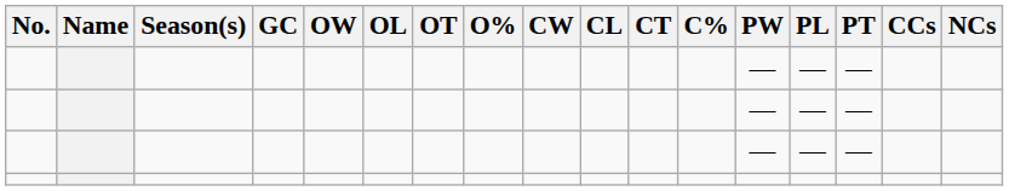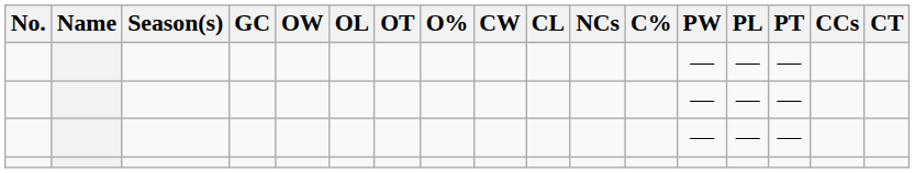 <table class="wikitable sortable" style="text-align:center;">
 <tr>
 <th scope="col" class="unsortable">No.</th>
 <th scope="col">Name</th>
 <th scope="col">Season(s)</th>
 <th scope="col">GC</th>
 <th scope="col">OW</th>
 <th scope="col">OL</th>
 <th scope="col">OT</th>
 <th scope="col">O%</th>
 <th scope="col">CW</th>
 <th scope="col">CL</th>
-<th scope="col">CT</th>
+<th scope="col">NCs</th>
 <th scope="col">C%</th>
 <th scope="col">PW</th>
 <th scope="col">PL</th>
 <th scope="col">PT</th>
 <th scope="col">CCs</th>
-<th scope="col">NCs</th>
+<th scope="col">CT</th>
 </tr>
 <tr>
 <td></td>
 <th scope="row"></th>
 <td></td>
 <td></td>
 <td></td>
 <td></td>
 <td></td>
 <td></td>
 <td></td>
 <td></td>
 <td></td>
 <td></td>
 <td>—</td>
 <td>—</td>
 <td>—</td>
 <td></td>
 <td></td>
 </tr>
 <tr>
 <td></td>
 <th scope="row"></th>
 <td></td>
 <td></td>
 <td></td>
 <td></td>
 <td></td>
 <td></td>
 <td></td>
 <td></td>
 <td></td>
 <td></td>
 <td>—</td>
 <td>—</td>
 <td>—</td>
 <td></td>
 <td></td>
 </tr>
 <tr>
 <td></td>
 <th scope="row"></th>
 <td></td>
 <td></td>
 <td></td>
 <td></td>
 <td></td>
 <td></td>
 <td></td>
 <td></td>
 <td></td>
 <td></td>
 <td>—</td>
 <td>—</td>
 <td>—</td>
 <td></td>
 <td></td>
 </tr>
 <tr>
 <td></td>
 <th scope="row"></th>
 <td></td>
 <td></td>
 <td></td>
 <td></td>
 <td></td>
 <td></td>
 <td></td>
 <td></td>
 <td></td>
 <td></td>
 <td></td>
 <td></td>
 <td></td>
 <td></td>
 <td></td>
 </tr>
 </table>
